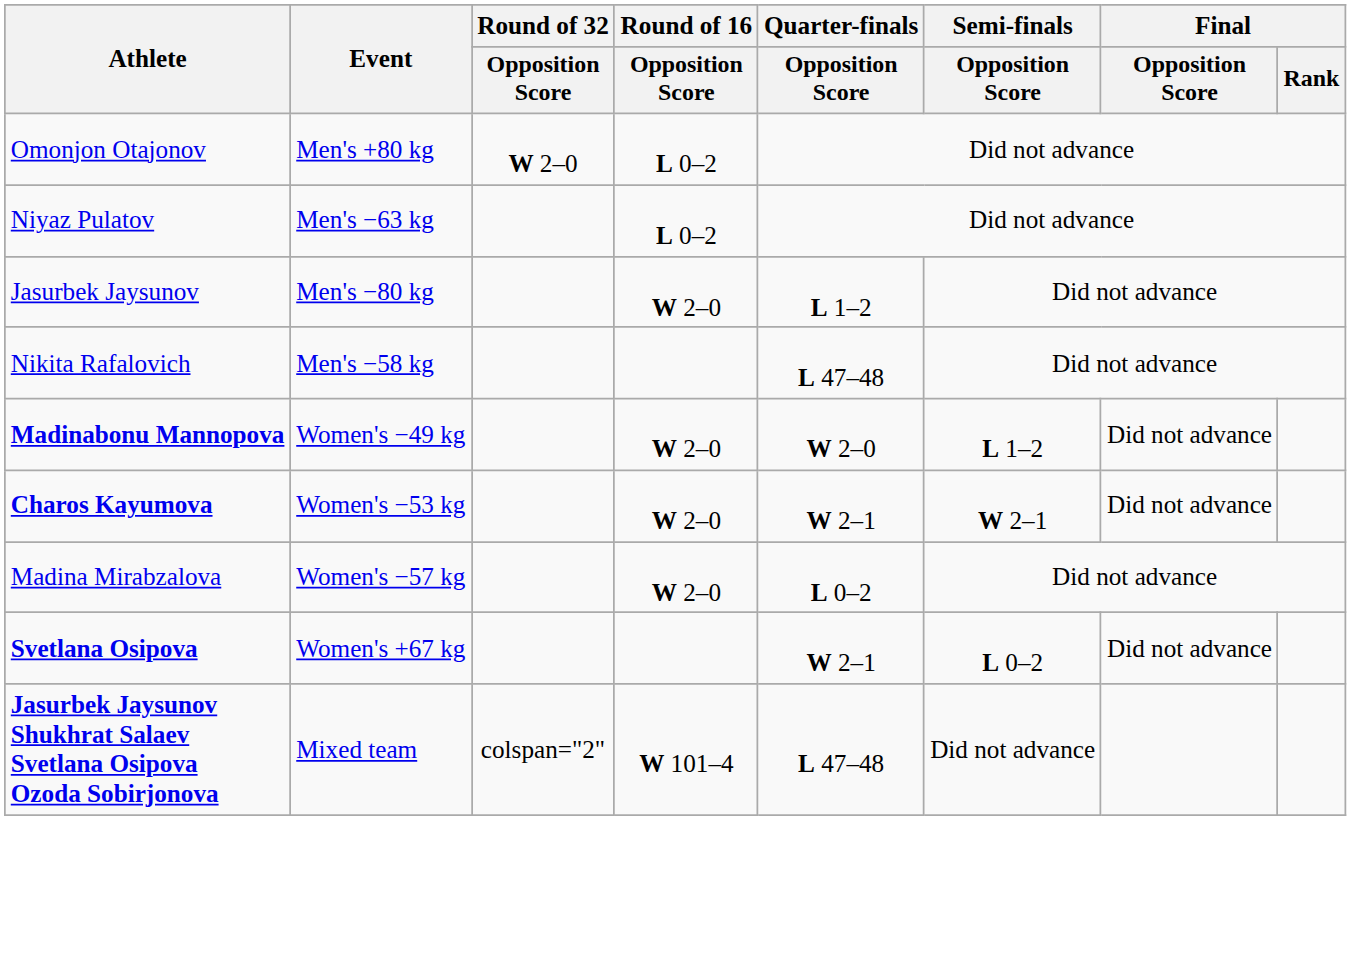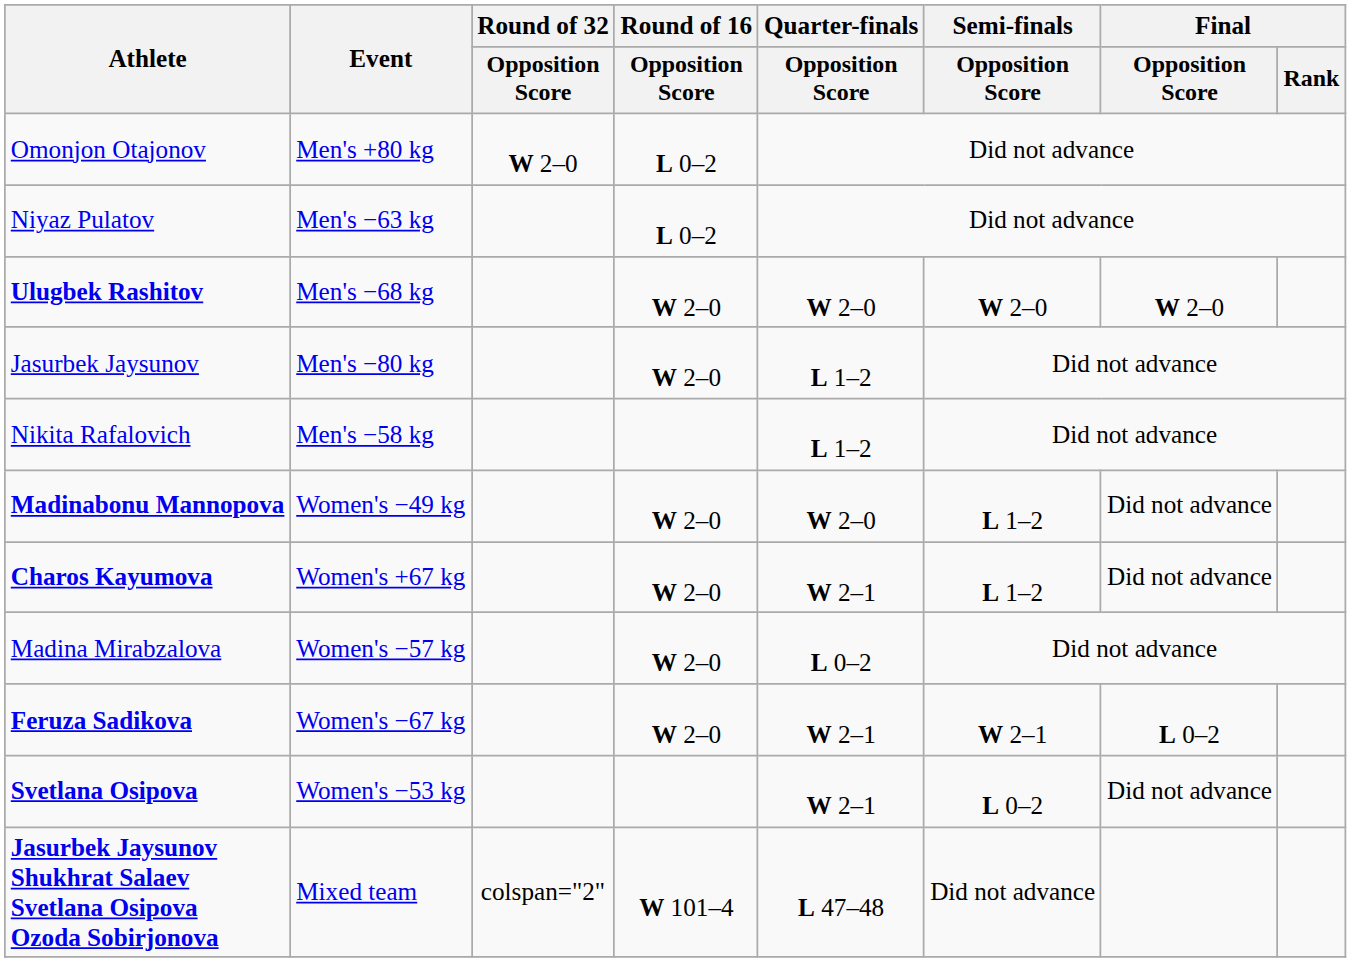 <table class=wikitable style=font-size:90%;text-align:center>
 <tr>
 <th rowspan=2>Athlete</th>
 <th rowspan=2>Event</th>
 <th>Round of 32</th>
 <th>Round of 16</th>
 <th>Quarter-finals</th>
 <th>Semi-finals</th>
 <th colspan=2>Final</th>
 </tr>
 <tr style=font-size:95%>
 <th>Opposition<br>Score</th>
 <th>Opposition<br>Score</th>
 <th>Opposition<br>Score</th>
 <th>Opposition<br>Score</th>
 <th>Opposition<br>Score</th>
 <th>Rank</th>
 </tr>
 <tr>
 <td align=left><a href='#'>Omonjon Otajonov</a></td>
 <td align=left><a href='#'>Men's +80 kg</a></td>
 <td><br><strong>W</strong> 2–0</td>
 <td><br><strong>L</strong> 0–2</td>
 <td colspan=4>Did not advance</td>
 </tr>
 <tr>
 <td align=left><a href='#'>Niyaz Pulatov</a></td>
 <td align=left><a href='#'>Men's −63 kg</a></td>
 <td></td>
 <td><br><strong>L</strong> 0–2</td>
 <td colspan=4>Did not advance</td>
 </tr>
 <tr>
+<td align=left><strong><a href='#'>Ulugbek Rashitov</a></strong></td>
+<td align=left><a href='#'>Men's −68 kg</a></td>
+<td></td>
+<td><br><strong>W</strong> 2–0</td>
+<td><br><strong>W</strong> 2–0</td>
+<td><br><strong>W</strong> 2–0</td>
+<td><br><strong>W</strong> 2–0</td>
+<td></td>
+</tr>
+<tr>
 <td align=left><a href='#'>Jasurbek Jaysunov</a></td>
 <td align=left><a href='#'>Men's −80 kg</a></td>
 <td></td>
 <td><br><strong>W</strong> 2–0</td>
 <td><br><strong>L</strong> 1–2</td>
 <td colspan=3>Did not advance</td>
 </tr>
 <tr>
 <td align=left><a href='#'>Nikita Rafalovich</a></td>
 <td align=left><a href='#'>Men's −58 kg</a></td>
 <td></td>
 <td></td>
-<td><br><strong>L</strong> 47–48</td>
+<td><br><strong>L</strong> 1–2</td>
 <td colspan=3>Did not advance</td>
 </tr>
 <tr>
 <td align=left><strong><a href='#'>Madinabonu Mannopova</a></strong></td>
 <td align=left><a href='#'>Women's −49 kg</a></td>
 <td></td>
 <td><br><strong>W</strong> 2–0</td>
 <td><br><strong>W</strong> 2–0</td>
 <td><br><strong>L</strong>  1–2</td>
 <td>Did not advance</td>
 <td></td>
 </tr>
 <tr>
 <td align=left><strong><a href='#'>Charos Kayumova</a></strong></td>
-<td align=left><a href='#'>Women's −53 kg</a></td>
+<td align=left><a href='#'>Women's +67 kg</a></td>
 <td></td>
 <td><br><strong>W</strong>  2–0</td>
 <td><br><strong>W</strong>  2–1</td>
-<td><br><strong>W</strong>  2–1</td>
+<td><br><strong>L</strong>  1–2</td>
 <td>Did not advance</td>
 <td></td>
 </tr>
 <tr>
 <td align=left><a href='#'>Madina Mirabzalova</a></td>
 <td align=left><a href='#'>Women's −57 kg</a></td>
 <td></td>
 <td><br><strong>W</strong>  2–0</td>
 <td><br><strong>L</strong>  0–2</td>
 <td colspan=3>Did not advance</td>
 </tr>
 <tr>
+<td align=left><strong><a href='#'>Feruza Sadikova</a></strong></td>
+<td align=left><a href='#'>Women's −67 kg</a></td>
+<td></td>
+<td><br><strong>W</strong> 2–0</td>
+<td><br><strong>W</strong> 2–1</td>
+<td><br><strong>W</strong>  2–1</td>
+<td><br><strong>L</strong>  0–2</td>
+<td></td>
+</tr>
+<tr>
 <td align=left><strong><a href='#'>Svetlana Osipova</a></strong></td>
-<td align=left><a href='#'>Women's +67 kg</a></td>
+<td align=left><a href='#'>Women's −53 kg</a></td>
 <td></td>
 <td></td>
 <td><br><strong>W</strong>  2–1</td>
 <td><br><strong>L</strong> 0–2</td>
 <td>Did not advance</td>
 <td></td>
 </tr>
 <tr>
 <td align=left><strong><a href='#'>Jasurbek Jaysunov</a><br><a href='#'>Shukhrat Salaev</a><br><a href='#'>Svetlana Osipova</a><br><a href='#'>Ozoda Sobirjonova</a></strong></td>
 <td align=left><a href='#'>Mixed team</a></td>
 <td>colspan="2" </td>
 <td><br><strong>W</strong> 101–4</td>
 <td><br><strong>L</strong> 47–48</td>
 <td>Did not advance</td>
 <td></td>
 </tr>
 </table>
